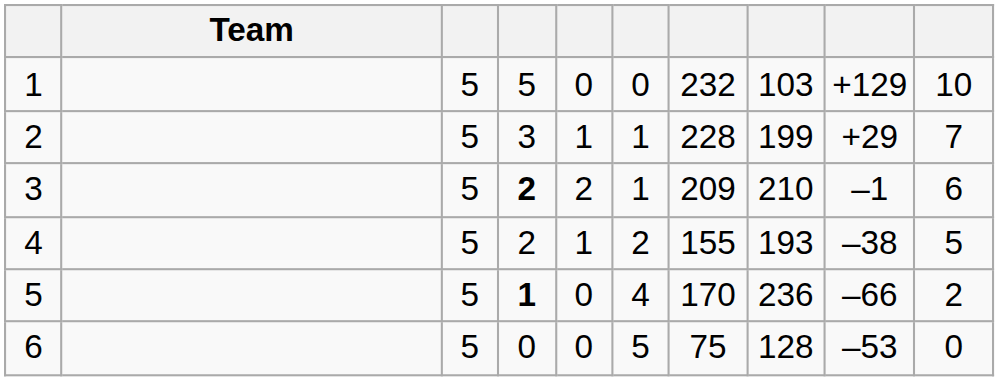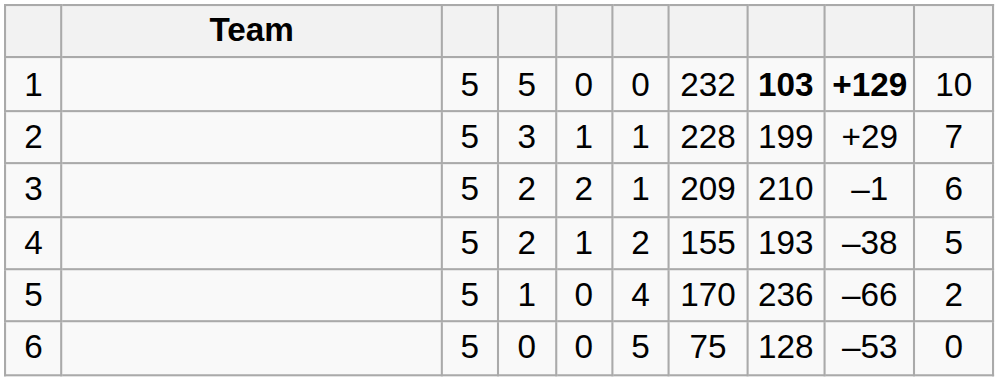 <table class=wikitable style=text-align:center>
 <tr>
 <th width=20 abbr=Position></th>
 <th width=175>Team</th>
 <th width=20 abbr=Played></th>
 <th width=20 abbr=Won></th>
 <th width=20 abbr=Drawn></th>
 <th width=20 abbr=Lost></th>
 <th width=30 abbr=Goal for></th>
 <th width=30 abbr=Goal against></th>
 <th width=30 abbr=Goal difference></th>
 <th width=30 abbr=Points></th>
 </tr>
 <tr>
 <td>1</td>
 <td align=left></td>
 <td>5</td>
 <td>5</td>
 <td>0</td>
 <td>0</td>
 <td>232</td>
-<td>103</td>
-<td>+129</td>
+<td><strong>103</strong></td>
+<td><strong>+129</strong></td>
 <td>10</td>
 </tr>
 <tr>
 <td>2</td>
 <td align=left></td>
 <td>5</td>
 <td>3</td>
 <td>1</td>
 <td>1</td>
 <td>228</td>
 <td>199</td>
 <td>+29</td>
 <td>7</td>
 </tr>
 <tr>
 <td>3</td>
 <td align=left></td>
 <td>5</td>
-<td><strong>2</strong></td>
+<td>2</td>
 <td>2</td>
 <td>1</td>
 <td>209</td>
 <td>210</td>
 <td>–1</td>
 <td>6</td>
 </tr>
 <tr>
 <td>4</td>
 <td align=left></td>
 <td>5</td>
 <td>2</td>
 <td>1</td>
 <td>2</td>
 <td>155</td>
 <td>193</td>
 <td>–38</td>
 <td>5</td>
 </tr>
 <tr>
 <td>5</td>
 <td align=left></td>
 <td>5</td>
-<td><strong>1</strong></td>
+<td>1</td>
 <td>0</td>
 <td>4</td>
 <td>170</td>
 <td>236</td>
 <td>–66</td>
 <td>2</td>
 </tr>
 <tr>
 <td>6</td>
 <td align=left></td>
 <td>5</td>
 <td>0</td>
 <td>0</td>
 <td>5</td>
 <td>75</td>
 <td>128</td>
 <td>–53</td>
 <td>0</td>
 </tr>
 </table>
